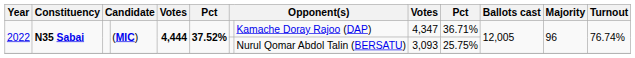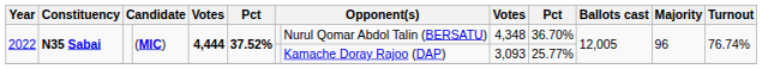 <table class="wikitable" style="margin:0.5em ; font-size:95%">
 <tr>
 <th>Year</th>
 <th>Constituency</th>
 <th colspan=2>Candidate</th>
 <th>Votes</th>
 <th>Pct</th>
 <th colspan=2>Opponent(s)</th>
 <th>Votes</th>
 <th>Pct</th>
 <th>Ballots cast</th>
 <th>Majority</th>
 <th>Turnout</th>
 </tr>
 <tr>
 <td rowspan=2><a href='#'>2022</a></td>
 <td rowspan=2><strong>N35 <a href='#'>Sabai</a></strong></td>
 <td rowspan=2 ></td>
 <td rowspan=2> (<a href='#'><strong>MIC</strong></a>)</td>
 <td rowspan=2 align=right><strong>4,444</strong></td>
 <td rowspan=2><strong>37.52%</strong></td>
 <td></td>
-<td><a href='#'>Kamache Doray Rajoo</a> (<a href='#'>DAP</a>)</td>
-<td align=right>4,347</td>
-<td>36.71%</td>
+<td>Nurul Qomar Abdol Talin (<a href='#'>BERSATU</a>)</td>
+<td align=right>4,348</td>
+<td>36.70%</td>
 <td rowspan=2>12,005</td>
 <td rowspan=2>96</td>
 <td rowspan=2>76.74%</td>
 </tr>
 <tr>
 <td bgcolor=></td>
-<td>Nurul Qomar Abdol Talin (<a href='#'>BERSATU</a>)</td>
+<td><a href='#'>Kamache Doray Rajoo</a> (<a href='#'>DAP</a>)</td>
 <td align=right>3,093</td>
-<td>25.75%</td>
+<td>25.77%</td>
 </tr>
 <tr>
 </tr>
 </table>
